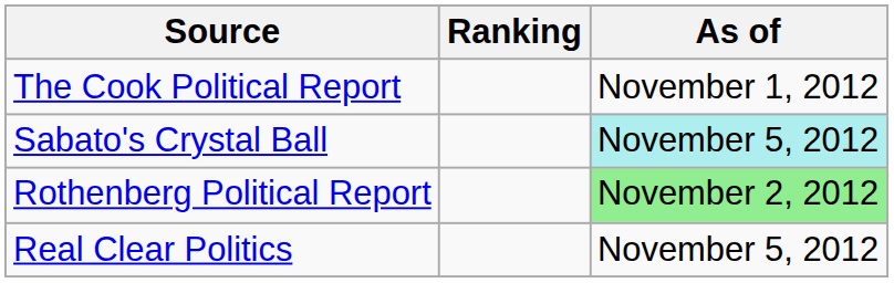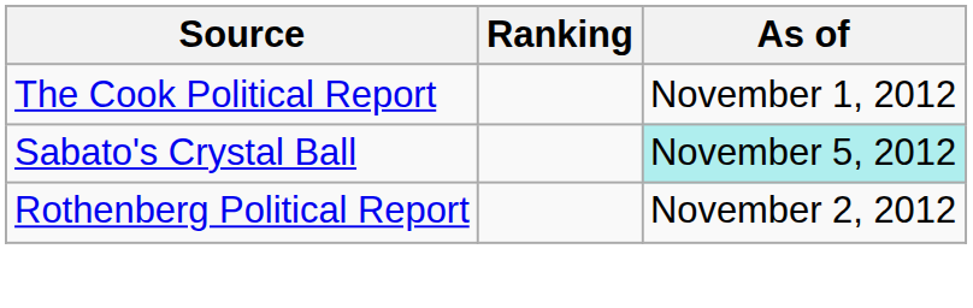 <table class="wikitable" style="text-align:center">
 <tr>
 <th>Source</th>
 <th>Ranking</th>
 <th>As of</th>
 </tr>
 <tr>
 <td align=left><a href='#'>The Cook Political Report</a></td>
 <td></td>
 <td>November 1, 2012</td>
 </tr>
 <tr>
 <td align=left><a href='#'>Sabato's Crystal Ball</a></td>
 <td style="background:"></td>
 <td style="background: paleturquoise;">November 5, 2012</td>
 </tr>
 <tr>
 <td align=left><a href='#'>Rothenberg Political Report</a></td>
 <td style="background:"></td>
-<td style="background: lightgreen;">November 2, 2012</td>
-</tr>
-<tr>
-<td align=left><a href='#'>Real Clear Politics</a></td>
-<td style="background:"></td>
-<td>November 5, 2012</td>
+<td>November 2, 2012</td>
 </tr>
 </table>
